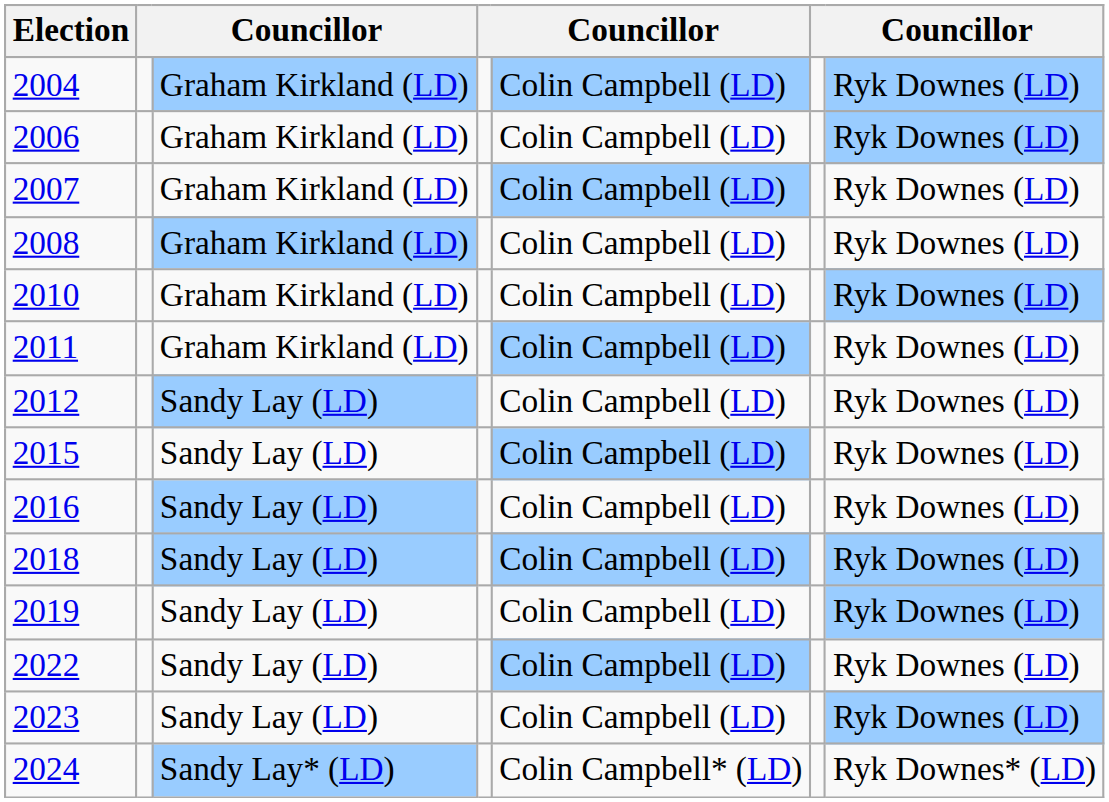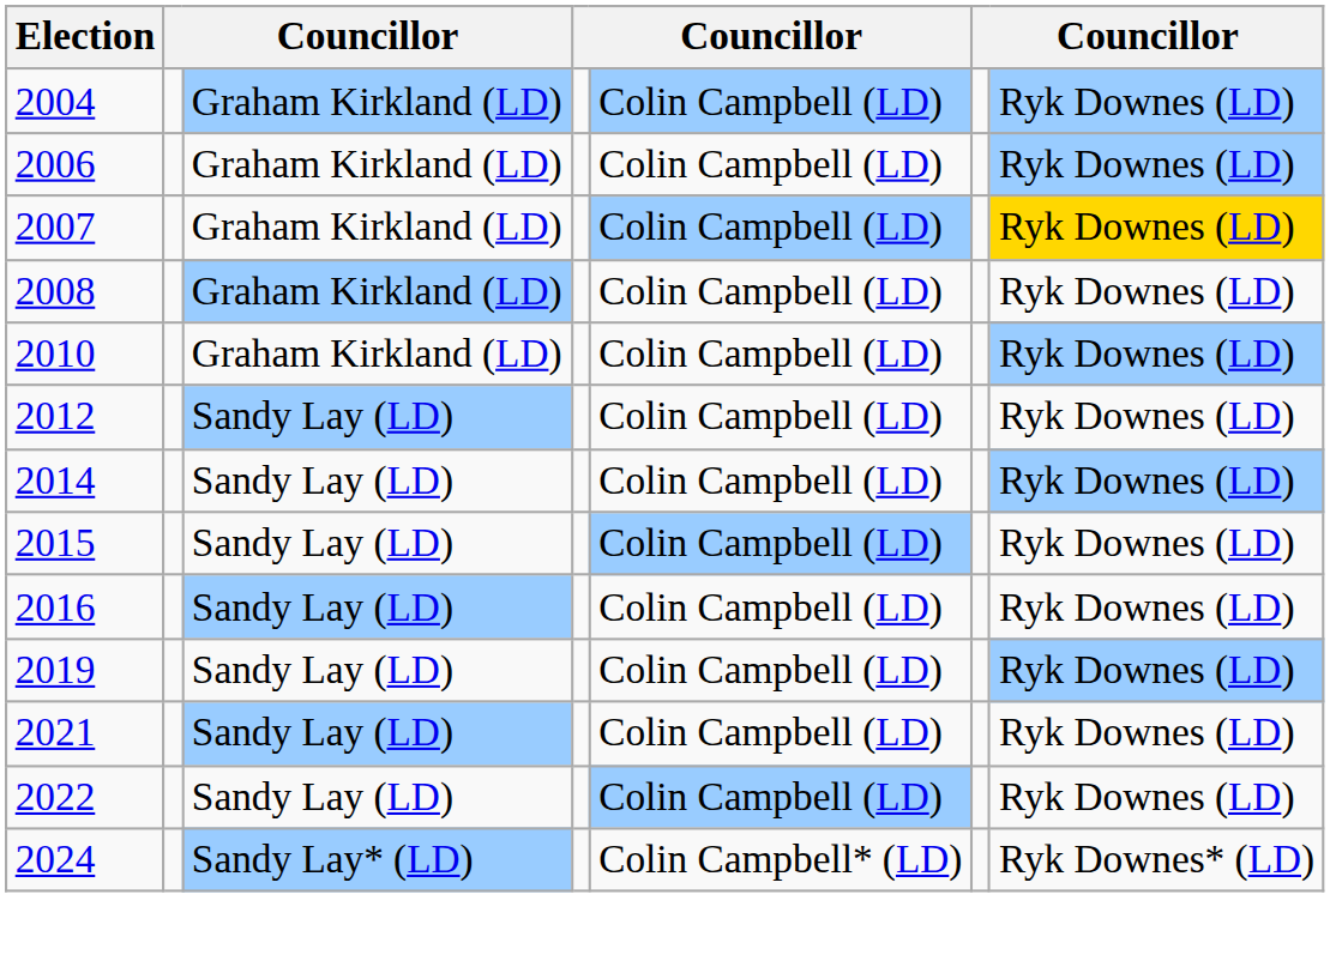 <table class="wikitable">
 <tr>
 <th>Election</th>
 <th colspan="2">Councillor</th>
 <th colspan="2">Councillor</th>
 <th colspan="2">Councillor</th>
 </tr>
 <tr>
 <td><a href='#'>2004</a></td>
 <td style="background-color: "></td>
 <td bgcolor="#99CCFF">Graham Kirkland (<a href='#'>LD</a>)</td>
 <td style="background-color: "></td>
 <td bgcolor="#99CCFF">Colin Campbell (<a href='#'>LD</a>)</td>
 <td style="background-color: "></td>
 <td bgcolor="#99CCFF">Ryk Downes (<a href='#'>LD</a>)</td>
 </tr>
 <tr>
 <td><a href='#'>2006</a></td>
 <td style="background-color: "></td>
 <td>Graham Kirkland (<a href='#'>LD</a>)</td>
 <td style="background-color: "></td>
 <td>Colin Campbell (<a href='#'>LD</a>)</td>
 <td style="background-color: "></td>
 <td bgcolor="#99CCFF">Ryk Downes (<a href='#'>LD</a>)</td>
 </tr>
 <tr>
 <td><a href='#'>2007</a></td>
 <td style="background-color: "></td>
 <td>Graham Kirkland (<a href='#'>LD</a>)</td>
 <td style="background-color: "></td>
 <td bgcolor="#99CCFF">Colin Campbell (<a href='#'>LD</a>)</td>
 <td style="background-color: "></td>
-<td>Ryk Downes (<a href='#'>LD</a>)</td>
+<td style="background: gold;">Ryk Downes (<a href='#'>LD</a>)</td>
 </tr>
 <tr>
 <td><a href='#'>2008</a></td>
 <td style="background-color: "></td>
 <td bgcolor="#99CCFF">Graham Kirkland (<a href='#'>LD</a>)</td>
 <td style="background-color: "></td>
 <td>Colin Campbell (<a href='#'>LD</a>)</td>
 <td style="background-color: "></td>
 <td>Ryk Downes (<a href='#'>LD</a>)</td>
 </tr>
 <tr>
 <td><a href='#'>2010</a></td>
 <td style="background-color: "></td>
 <td>Graham Kirkland (<a href='#'>LD</a>)</td>
 <td style="background-color: "></td>
 <td>Colin Campbell (<a href='#'>LD</a>)</td>
 <td style="background-color: "></td>
 <td bgcolor="#99CCFF">Ryk Downes (<a href='#'>LD</a>)</td>
 </tr>
 <tr>
-<td><a href='#'>2011</a></td>
-<td style="background-color: "></td>
-<td>Graham Kirkland (<a href='#'>LD</a>)</td>
-<td style="background-color: "></td>
-<td bgcolor="#99CCFF">Colin Campbell (<a href='#'>LD</a>)</td>
-<td style="background-color: "></td>
-<td>Ryk Downes (<a href='#'>LD</a>)</td>
-</tr>
-<tr>
 <td><a href='#'>2012</a></td>
 <td style="background-color: "></td>
 <td bgcolor="#99CCFF">Sandy Lay (<a href='#'>LD</a>)</td>
 <td style="background-color: "></td>
 <td>Colin Campbell (<a href='#'>LD</a>)</td>
 <td style="background-color: "></td>
 <td>Ryk Downes (<a href='#'>LD</a>)</td>
+</tr>
+<tr>
+<td><a href='#'>2014</a></td>
+<td style="background-color: "></td>
+<td>Sandy Lay (<a href='#'>LD</a>)</td>
+<td style="background-color: "></td>
+<td>Colin Campbell (<a href='#'>LD</a>)</td>
+<td style="background-color: "></td>
+<td bgcolor="#99CCFF">Ryk Downes (<a href='#'>LD</a>)</td>
 </tr>
 <tr>
 <td><a href='#'>2015</a></td>
 <td style="background-color: "></td>
 <td>Sandy Lay (<a href='#'>LD</a>)</td>
 <td style="background-color: "></td>
 <td bgcolor="#99CCFF">Colin Campbell (<a href='#'>LD</a>)</td>
 <td style="background-color: "></td>
 <td>Ryk Downes (<a href='#'>LD</a>)</td>
 </tr>
 <tr>
 <td><a href='#'>2016</a></td>
 <td style="background-color: "></td>
 <td bgcolor="#99CCFF">Sandy Lay (<a href='#'>LD</a>)</td>
 <td style="background-color: "></td>
 <td>Colin Campbell (<a href='#'>LD</a>)</td>
 <td style="background-color: "></td>
 <td>Ryk Downes (<a href='#'>LD</a>)</td>
 </tr>
 <tr>
-<td><a href='#'>2018</a></td>
-<td style="background-color: "></td>
-<td bgcolor="#99CCFF">Sandy Lay (<a href='#'>LD</a>)</td>
-<td style="background-color: "></td>
-<td bgcolor="#99CCFF">Colin Campbell (<a href='#'>LD</a>)</td>
-<td style="background-color: "></td>
-<td bgcolor="#99CCFF">Ryk Downes (<a href='#'>LD</a>)</td>
-</tr>
-<tr>
 <td><a href='#'>2019</a></td>
 <td style="background-color: "></td>
 <td>Sandy Lay (<a href='#'>LD</a>)</td>
 <td style="background-color: "></td>
 <td>Colin Campbell (<a href='#'>LD</a>)</td>
 <td style="background-color: "></td>
 <td bgcolor="#99CCFF">Ryk Downes (<a href='#'>LD</a>)</td>
+</tr>
+<tr>
+<td><a href='#'>2021</a></td>
+<td style="background-color: "></td>
+<td bgcolor="#99CCFF">Sandy Lay (<a href='#'>LD</a>)</td>
+<td style="background-color: "></td>
+<td>Colin Campbell (<a href='#'>LD</a>)</td>
+<td style="background-color: "></td>
+<td>Ryk Downes (<a href='#'>LD</a>)</td>
 </tr>
 <tr>
 <td><a href='#'>2022</a></td>
 <td style="background-color: "></td>
 <td>Sandy Lay (<a href='#'>LD</a>)</td>
 <td style="background-color: "></td>
 <td bgcolor="#99CCFF">Colin Campbell (<a href='#'>LD</a>)</td>
 <td style="background-color: "></td>
 <td>Ryk Downes (<a href='#'>LD</a>)</td>
 </tr>
 <tr>
-<td><a href='#'>2023</a></td>
-<td style="background-color: "></td>
-<td>Sandy Lay (<a href='#'>LD</a>)</td>
-<td style="background-color: "></td>
-<td>Colin Campbell (<a href='#'>LD</a>)</td>
-<td style="background-color: "></td>
-<td bgcolor="#99CCFF">Ryk Downes (<a href='#'>LD</a>)</td>
-</tr>
-<tr>
 <td><a href='#'>2024</a></td>
 <td style="background-color: "></td>
 <td bgcolor="#99CCFF">Sandy Lay* (<a href='#'>LD</a>)</td>
 <td style="background-color: "></td>
 <td>Colin Campbell* (<a href='#'>LD</a>)</td>
 <td style="background-color: "></td>
 <td>Ryk Downes* (<a href='#'>LD</a>)</td>
 </tr>
 </table>
